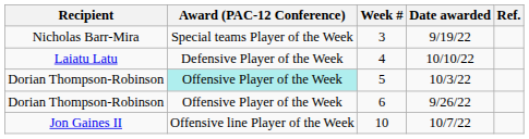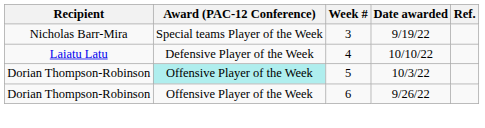 <table class="wikitable sortable" style="text-align:center">
 <tr>
 <th>Recipient</th>
 <th>Award (PAC-12 Conference)</th>
 <th>Week #</th>
 <th>Date awarded</th>
 <th>Ref.</th>
 </tr>
 <tr>
 <td>Nicholas Barr-Mira</td>
 <td>Special teams Player of the Week</td>
 <td>3</td>
 <td>9/19/22</td>
 <td></td>
 </tr>
 <tr>
 <td><a href='#'>Laiatu Latu</a></td>
 <td>Defensive Player of the Week</td>
 <td>4</td>
 <td>10/10/22</td>
 <td></td>
 </tr>
 <tr>
 <td>Dorian Thompson-Robinson</td>
 <td style="background: paleturquoise;">Offensive Player of the Week</td>
 <td>5</td>
 <td>10/3/22</td>
 <td></td>
 </tr>
 <tr>
 <td>Dorian Thompson-Robinson</td>
 <td>Offensive Player of the Week</td>
 <td>6</td>
 <td>9/26/22</td>
 <td></td>
 </tr>
-<tr>
-<td><a href='#'>Jon Gaines II</a></td>
-<td>Offensive line Player of the Week</td>
-<td>10</td>
-<td>10/7/22</td>
-<td></td>
-</tr>
 </table>
